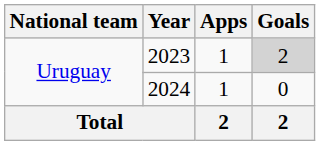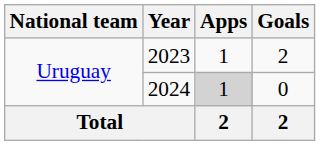 <table class="wikitable" style="text-align:center">
 <tr>
 <th>National team</th>
 <th>Year</th>
 <th>Apps</th>
 <th>Goals</th>
 </tr>
 <tr>
 <td rowspan=2><a href='#'>Uruguay</a></td>
 <td>2023</td>
 <td>1</td>
-<td style="background: lightgrey;">2</td>
+<td>2</td>
 </tr>
 <tr>
 <td>2024</td>
-<td>1</td>
+<td style="background: lightgrey;">1</td>
 <td>0</td>
 </tr>
 <tr>
 <th colspan=2>Total</th>
 <th>2</th>
 <th>2</th>
 </tr>
 </table>
